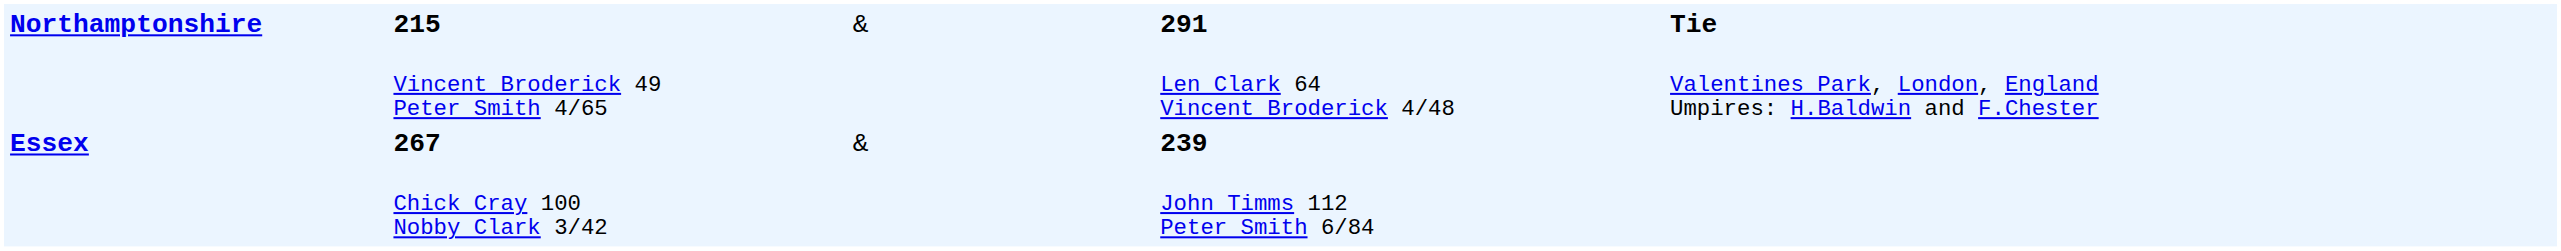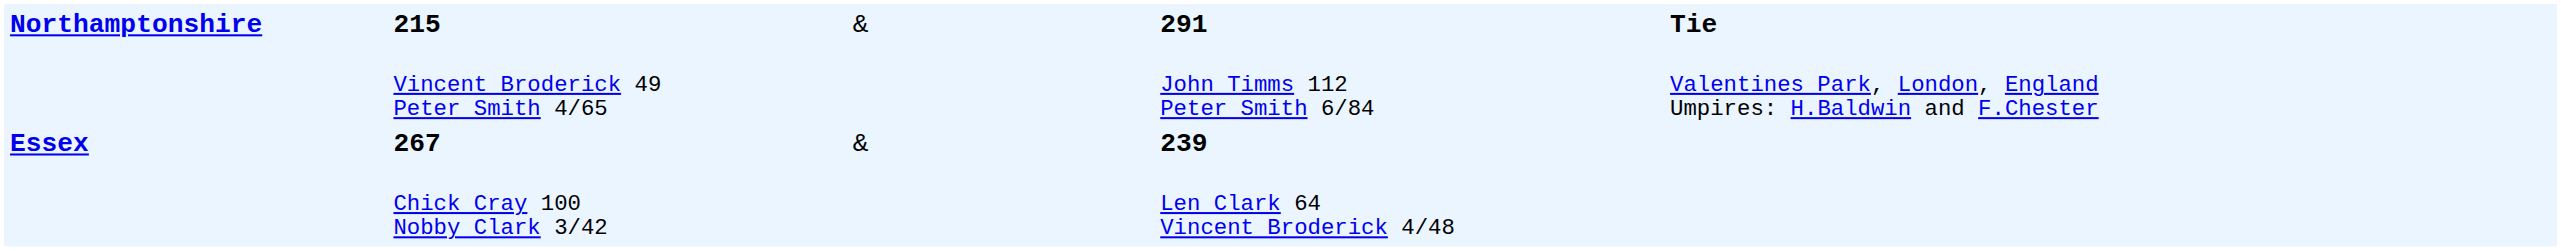 <table width="100%" style="background: #EBF5FF">
 <tr>
 <td width="15%" valign="top" rowspan="2"><strong><a href='#'>Northamptonshire</a></strong></td>
 <td width="18%"><strong>215</strong></td>
 <td width="12%">&</td>
 <td width="20%"><strong>291</strong></td>
 <td width="35%"><strong>Tie</strong></td>
 </tr>
 <tr>
 <td style="font-size: 85%;" valign="top"><br><a href='#'>Vincent Broderick</a> 49<br> <a href='#'>Peter Smith</a> 4/65</td>
 <td></td>
-<td valign="top" style="font-size: 85%;"><br><a href='#'>Len Clark</a> 64<br> <a href='#'>Vincent Broderick</a> 4/48</td>
+<td style="font-size: 85%;"><br><a href='#'>John Timms</a> 112<br> <a href='#'>Peter Smith</a> 6/84</td>
 <td valign="top" style="font-size: 85%;" rowspan="3"><br><a href='#'>Valentines Park</a>, <a href='#'>London</a>, <a href='#'>England</a><br> Umpires: <a href='#'>H.Baldwin</a> and <a href='#'>F.Chester</a></td>
 </tr>
 <tr>
 <td valign="top" rowspan="2"><strong><a href='#'>Essex</a></strong></td>
 <td><strong>267</strong></td>
 <td>&</td>
 <td><strong>239</strong></td>
 </tr>
 <tr>
 <td style="font-size: 85%;"><br><a href='#'>Chick Cray</a> 100<br> <a href='#'>Nobby Clark</a> 3/42</td>
 <td></td>
-<td style="font-size: 85%;"><br><a href='#'>John Timms</a> 112<br> <a href='#'>Peter Smith</a> 6/84</td>
+<td valign="top" style="font-size: 85%;"><br><a href='#'>Len Clark</a> 64<br> <a href='#'>Vincent Broderick</a> 4/48</td>
 </tr>
 </table>
